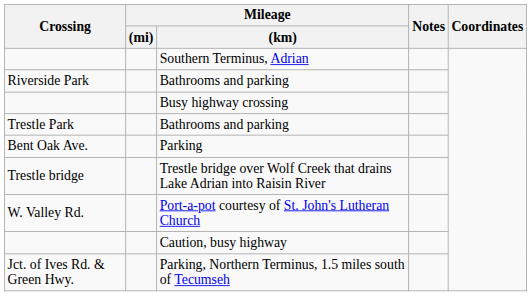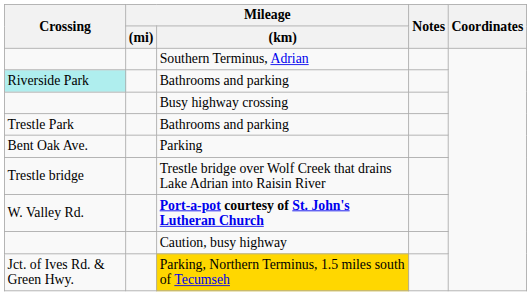 <table class="wikitable">
 <tr>
 <th rowspan=2>Crossing</th>
 <th colspan=2>Mileage</th>
 <th rowspan=2>Notes</th>
 <th rowspan=2>Coordinates</th>
 </tr>
 <tr>
 <th>(mi)</th>
 <th>(km)</th>
 </tr>
 <tr>
 <td></td>
 <td></td>
 <td>Southern Terminus, <a href='#'>Adrian</a></td>
 <td></td>
 </tr>
 <tr>
-<td>Riverside Park</td>
+<td style="background: paleturquoise;">Riverside Park</td>
 <td></td>
 <td>  Bathrooms and parking</td>
 <td></td>
 </tr>
 <tr>
 <td></td>
 <td></td>
 <td>Busy highway crossing</td>
 <td></td>
 </tr>
 <tr>
 <td>Trestle Park</td>
 <td></td>
 <td>  Bathrooms and parking</td>
 <td></td>
 </tr>
 <tr>
 <td>Bent Oak Ave.</td>
 <td></td>
 <td> Parking</td>
 <td></td>
 </tr>
 <tr>
 <td>Trestle bridge</td>
 <td></td>
 <td>Trestle bridge over Wolf Creek that drains Lake Adrian into Raisin River</td>
 <td></td>
 </tr>
 <tr>
 <td>W. Valley Rd.</td>
 <td></td>
-<td> <a href='#'>Port-a-pot</a> courtesy of <a href='#'>St. John's Lutheran Church</a></td>
+<td><strong> <a href='#'>Port-a-pot</a> courtesy of <a href='#'>St. John's Lutheran Church</a></strong></td>
 <td></td>
 </tr>
 <tr>
 <td></td>
 <td></td>
 <td>Caution, busy highway</td>
 <td></td>
 </tr>
 <tr>
 <td>Jct. of Ives Rd. & Green Hwy.</td>
 <td></td>
-<td> Parking, Northern Terminus, 1.5 miles south of <a href='#'>Tecumseh</a></td>
+<td style="background: gold;"> Parking, Northern Terminus, 1.5 miles south of <a href='#'>Tecumseh</a></td>
 <td></td>
 </tr>
 </table>
